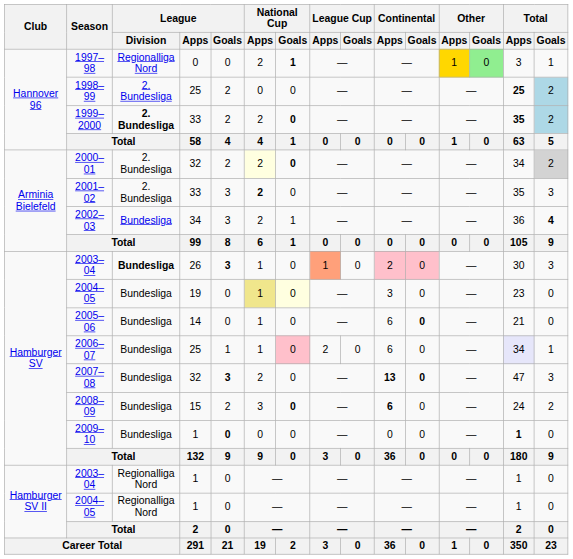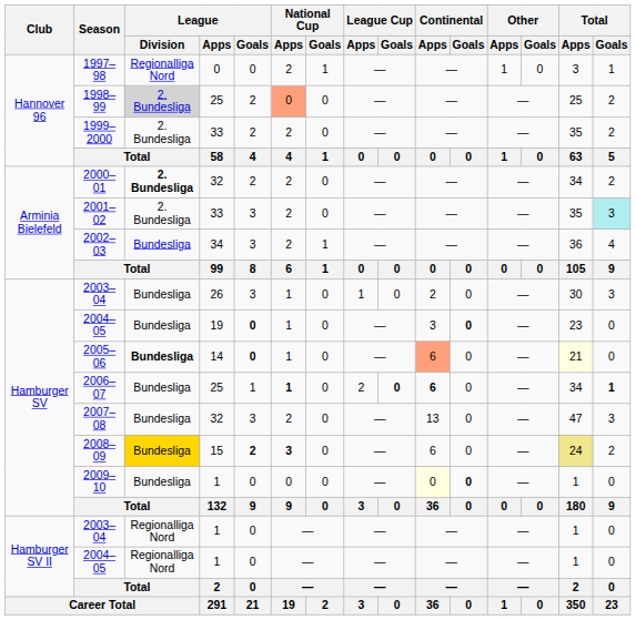 <table class="wikitable" Style="text-align: center">
 <tr>
 <th rowspan="2">Club</th>
 <th rowspan="2">Season</th>
 <th colspan="3">League</th>
 <th colspan="2">National Cup</th>
 <th colspan="2">League Cup</th>
 <th colspan="2">Continental</th>
 <th colspan="2">Other</th>
 <th colspan="2">Total</th>
 </tr>
 <tr>
 <th>Division</th>
 <th>Apps</th>
 <th>Goals</th>
 <th>Apps</th>
 <th>Goals</th>
 <th>Apps</th>
 <th>Goals</th>
 <th>Apps</th>
 <th>Goals</th>
 <th>Apps</th>
 <th>Goals</th>
 <th>Apps</th>
 <th>Goals</th>
 </tr>
 <tr>
 <td rowspan="4"><a href='#'>Hannover 96</a></td>
 <td><a href='#'>1997–98</a></td>
 <td><a href='#'>Regionalliga Nord</a></td>
 <td>0</td>
 <td>0</td>
 <td>2</td>
-<td><strong>1</strong></td>
+<td>1</td>
 <td colspan="2">—</td>
 <td colspan="2">—</td>
-<td style="background: gold;">1</td>
-<td style="background: lightgreen;">0</td>
+<td>1</td>
+<td>0</td>
 <td>3</td>
 <td>1</td>
 </tr>
 <tr>
 <td><a href='#'>1998–99</a></td>
-<td><a href='#'>2. Bundesliga</a></td>
+<td style="background: lightgrey;"><a href='#'>2. Bundesliga</a></td>
 <td>25</td>
 <td>2</td>
-<td>0</td>
+<td style="background: lightsalmon;">0</td>
 <td>0</td>
 <td colspan="2">—</td>
 <td colspan="2">—</td>
 <td colspan="2">—</td>
-<td><strong>25</strong></td>
-<td style="background: lightblue;">2</td>
+<td>25</td>
+<td>2</td>
 </tr>
 <tr>
 <td><a href='#'>1999–2000</a></td>
-<td><strong>2. Bundesliga</strong></td>
+<td>2. Bundesliga</td>
 <td>33</td>
 <td>2</td>
 <td>2</td>
-<td><strong>0</strong></td>
+<td>0</td>
 <td colspan="2">—</td>
 <td colspan="2">—</td>
 <td colspan="2">—</td>
-<td><strong>35</strong></td>
-<td style="background: lightblue;">2</td>
+<td>35</td>
+<td>2</td>
 </tr>
 <tr>
 <th colspan="2">Total</th>
 <th>58</th>
 <th>4</th>
 <th>4</th>
 <th>1</th>
 <th>0</th>
 <th>0</th>
 <th>0</th>
 <th>0</th>
 <th>1</th>
 <th>0</th>
 <th>63</th>
 <th>5</th>
 </tr>
 <tr>
 <td rowspan="4"><a href='#'>Arminia Bielefeld</a></td>
 <td><a href='#'>2000–01</a></td>
-<td>2. Bundesliga</td>
+<td><strong>2. Bundesliga</strong></td>
 <td>32</td>
 <td>2</td>
-<td style="background: lightyellow;">2</td>
-<td><strong>0</strong></td>
+<td>2</td>
+<td>0</td>
 <td colspan="2">—</td>
 <td colspan="2">—</td>
 <td colspan="2">—</td>
 <td>34</td>
-<td style="background: lightgrey;">2</td>
+<td>2</td>
 </tr>
 <tr>
 <td><a href='#'>2001–02</a></td>
 <td>2. Bundesliga</td>
 <td>33</td>
 <td>3</td>
-<td><strong>2</strong></td>
+<td>2</td>
 <td>0</td>
 <td colspan="2">—</td>
 <td colspan="2">—</td>
 <td colspan="2">—</td>
 <td>35</td>
-<td>3</td>
+<td style="background: paleturquoise;">3</td>
 </tr>
 <tr>
 <td><a href='#'>2002–03</a></td>
 <td><a href='#'>Bundesliga</a></td>
 <td>34</td>
 <td>3</td>
 <td>2</td>
 <td>1</td>
 <td colspan="2">—</td>
 <td colspan="2">—</td>
 <td colspan="2">—</td>
 <td>36</td>
-<td><strong>4</strong></td>
+<td>4</td>
 </tr>
 <tr>
 <th colspan="2">Total</th>
 <th>99</th>
 <th>8</th>
 <th>6</th>
 <th>1</th>
 <th>0</th>
 <th>0</th>
 <th>0</th>
 <th>0</th>
 <th>0</th>
 <th>0</th>
 <th>105</th>
 <th>9</th>
 </tr>
 <tr>
 <td rowspan="8"><a href='#'>Hamburger SV</a></td>
 <td><a href='#'>2003–04</a></td>
-<td><strong>Bundesliga</strong></td>
+<td>Bundesliga</td>
 <td>26</td>
-<td><strong>3</strong></td>
+<td>3</td>
 <td>1</td>
 <td>0</td>
-<td style="background: lightsalmon;">1</td>
+<td>1</td>
 <td>0</td>
-<td style="background: pink;">2</td>
-<td style="background: pink;">0</td>
+<td>2</td>
+<td>0</td>
 <td colspan="2">—</td>
 <td>30</td>
 <td>3</td>
 </tr>
 <tr>
 <td><a href='#'>2004–05</a></td>
 <td>Bundesliga</td>
 <td>19</td>
+<td><strong>0</strong></td>
+<td>1</td>
 <td>0</td>
-<td style="background: khaki;">1</td>
-<td style="background: lightyellow;">0</td>
 <td colspan="2">—</td>
 <td>3</td>
-<td>0</td>
+<td><strong>0</strong></td>
 <td colspan="2">—</td>
 <td>23</td>
 <td>0</td>
 </tr>
 <tr>
 <td><a href='#'>2005–06</a></td>
-<td>Bundesliga</td>
+<td><strong>Bundesliga</strong></td>
 <td>14</td>
-<td>0</td>
+<td><strong>0</strong></td>
 <td>1</td>
 <td>0</td>
 <td colspan="2">—</td>
-<td>6</td>
-<td><strong>0</strong></td>
+<td style="background: lightsalmon;">6</td>
+<td>0</td>
 <td colspan="2">—</td>
-<td>21</td>
+<td style="background: lightyellow;">21</td>
 <td>0</td>
 </tr>
 <tr>
 <td><a href='#'>2006–07</a></td>
 <td>Bundesliga</td>
 <td>25</td>
 <td>1</td>
-<td>1</td>
-<td style="background: pink;">0</td>
+<td><strong>1</strong></td>
+<td>0</td>
 <td>2</td>
-<td>0</td>
-<td>6</td>
+<td><strong>0</strong></td>
+<td><strong>6</strong></td>
 <td>0</td>
 <td colspan="2">—</td>
-<td style="background: lavender;">34</td>
-<td>1</td>
+<td>34</td>
+<td><strong>1</strong></td>
 </tr>
 <tr>
 <td><a href='#'>2007–08</a></td>
 <td>Bundesliga</td>
 <td>32</td>
-<td><strong>3</strong></td>
+<td>3</td>
 <td>2</td>
 <td>0</td>
 <td colspan="2">—</td>
-<td><strong>13</strong></td>
-<td><strong>0</strong></td>
+<td>13</td>
+<td>0</td>
 <td colspan="2">—</td>
 <td>47</td>
 <td>3</td>
 </tr>
 <tr>
 <td><a href='#'>2008–09</a></td>
-<td>Bundesliga</td>
+<td style="background: gold;">Bundesliga</td>
 <td>15</td>
-<td>2</td>
-<td>3</td>
-<td><strong>0</strong></td>
-<td colspan="2">—</td>
-<td><strong>6</strong></td>
+<td><strong>2</strong></td>
+<td><strong>3</strong></td>
 <td>0</td>
 <td colspan="2">—</td>
-<td>24</td>
+<td>6</td>
+<td>0</td>
+<td colspan="2">—</td>
+<td style="background: khaki;">24</td>
 <td>2</td>
 </tr>
 <tr>
 <td><a href='#'>2009–10</a></td>
 <td>Bundesliga</td>
 <td>1</td>
-<td><strong>0</strong></td>
+<td>0</td>
 <td>0</td>
 <td>0</td>
 <td colspan="2">—</td>
-<td>0</td>
-<td>0</td>
+<td style="background: lightyellow;">0</td>
+<td><strong>0</strong></td>
 <td colspan="2">—</td>
-<td><strong>1</strong></td>
+<td>1</td>
 <td>0</td>
 </tr>
 <tr>
 <th colspan="2">Total</th>
 <th>132</th>
 <th>9</th>
 <th>9</th>
 <th>0</th>
 <th>3</th>
 <th>0</th>
 <th>36</th>
 <th>0</th>
 <th>0</th>
 <th>0</th>
 <th>180</th>
 <th>9</th>
 </tr>
 <tr>
 <td rowspan="3"><a href='#'>Hamburger SV II</a></td>
 <td><a href='#'>2003–04</a></td>
 <td>Regionalliga Nord</td>
 <td>1</td>
 <td>0</td>
 <td colspan="2">—</td>
 <td colspan="2">—</td>
 <td colspan="2">—</td>
 <td colspan="2">—</td>
 <td>1</td>
 <td>0</td>
 </tr>
 <tr>
 <td><a href='#'>2004–05</a></td>
 <td>Regionalliga Nord</td>
 <td>1</td>
 <td>0</td>
 <td colspan="2">—</td>
 <td colspan="2">—</td>
 <td colspan="2">—</td>
 <td colspan="2">—</td>
 <td>1</td>
 <td>0</td>
 </tr>
 <tr>
 <th colspan="2">Total</th>
 <th>2</th>
 <th>0</th>
 <th colspan="2">—</th>
 <th colspan="2">—</th>
 <th colspan="2">—</th>
 <th colspan="2">—</th>
 <th>2</th>
 <th>0</th>
 </tr>
 <tr>
 <th colspan="3">Career Total</th>
 <th>291</th>
 <th>21</th>
 <th>19</th>
 <th>2</th>
 <th>3</th>
 <th>0</th>
 <th>36</th>
 <th>0</th>
 <th>1</th>
 <th>0</th>
 <th>350</th>
 <th>23</th>
 </tr>
 </table>
